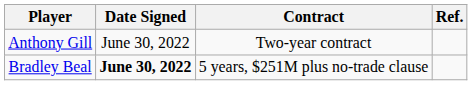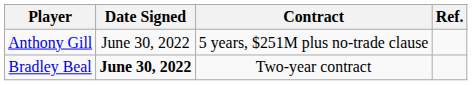 <table class="wikitable sortable sortable" style="text-align: center">
 <tr>
 <th>Player</th>
 <th>Date Signed</th>
 <th>Contract</th>
 <th>Ref.</th>
 </tr>
 <tr>
 <td><a href='#'>Anthony Gill</a></td>
 <td>June 30, 2022</td>
-<td>Two-year contract</td>
+<td>5 years, $251M plus no-trade clause</td>
 <td></td>
 </tr>
 <tr>
 <td><a href='#'>Bradley Beal</a></td>
 <td><strong>June 30, 2022</strong></td>
-<td>5 years, $251M plus no-trade clause</td>
+<td>Two-year contract</td>
 <td></td>
 </tr>
 </table>
